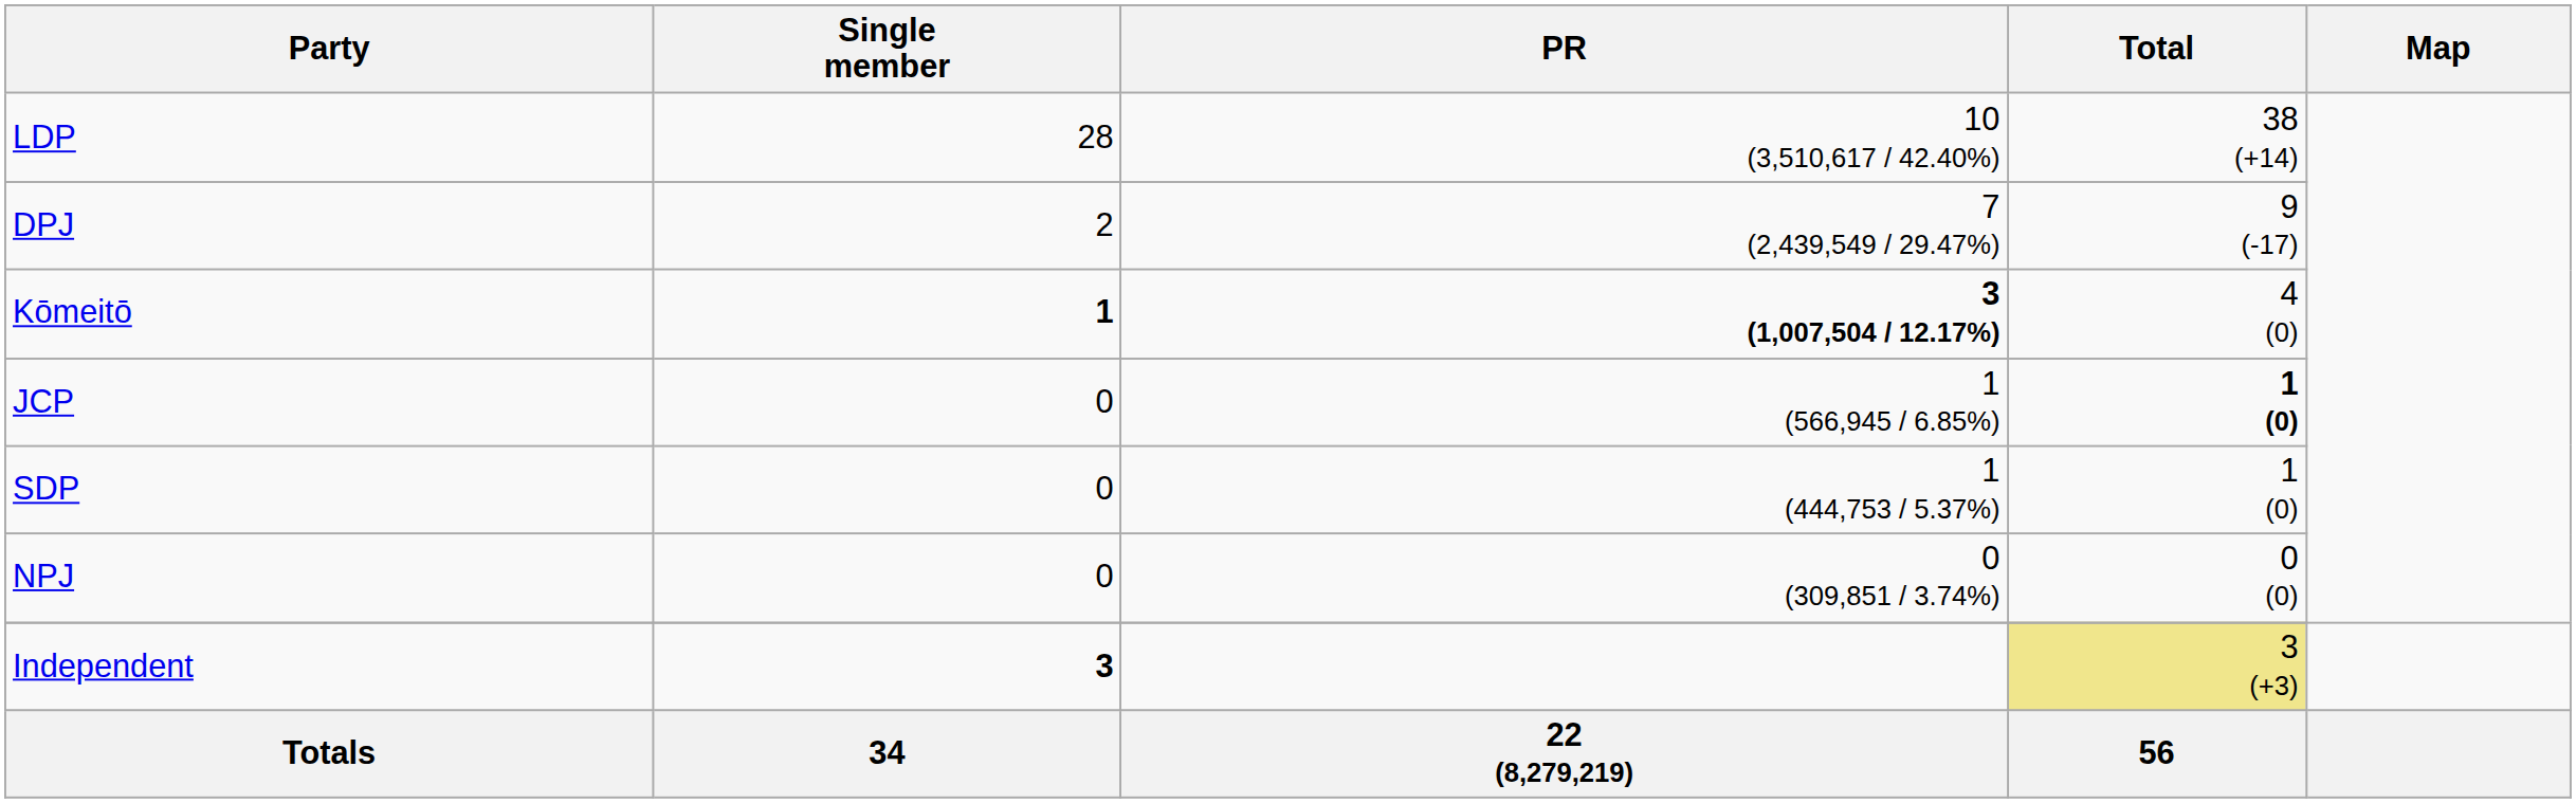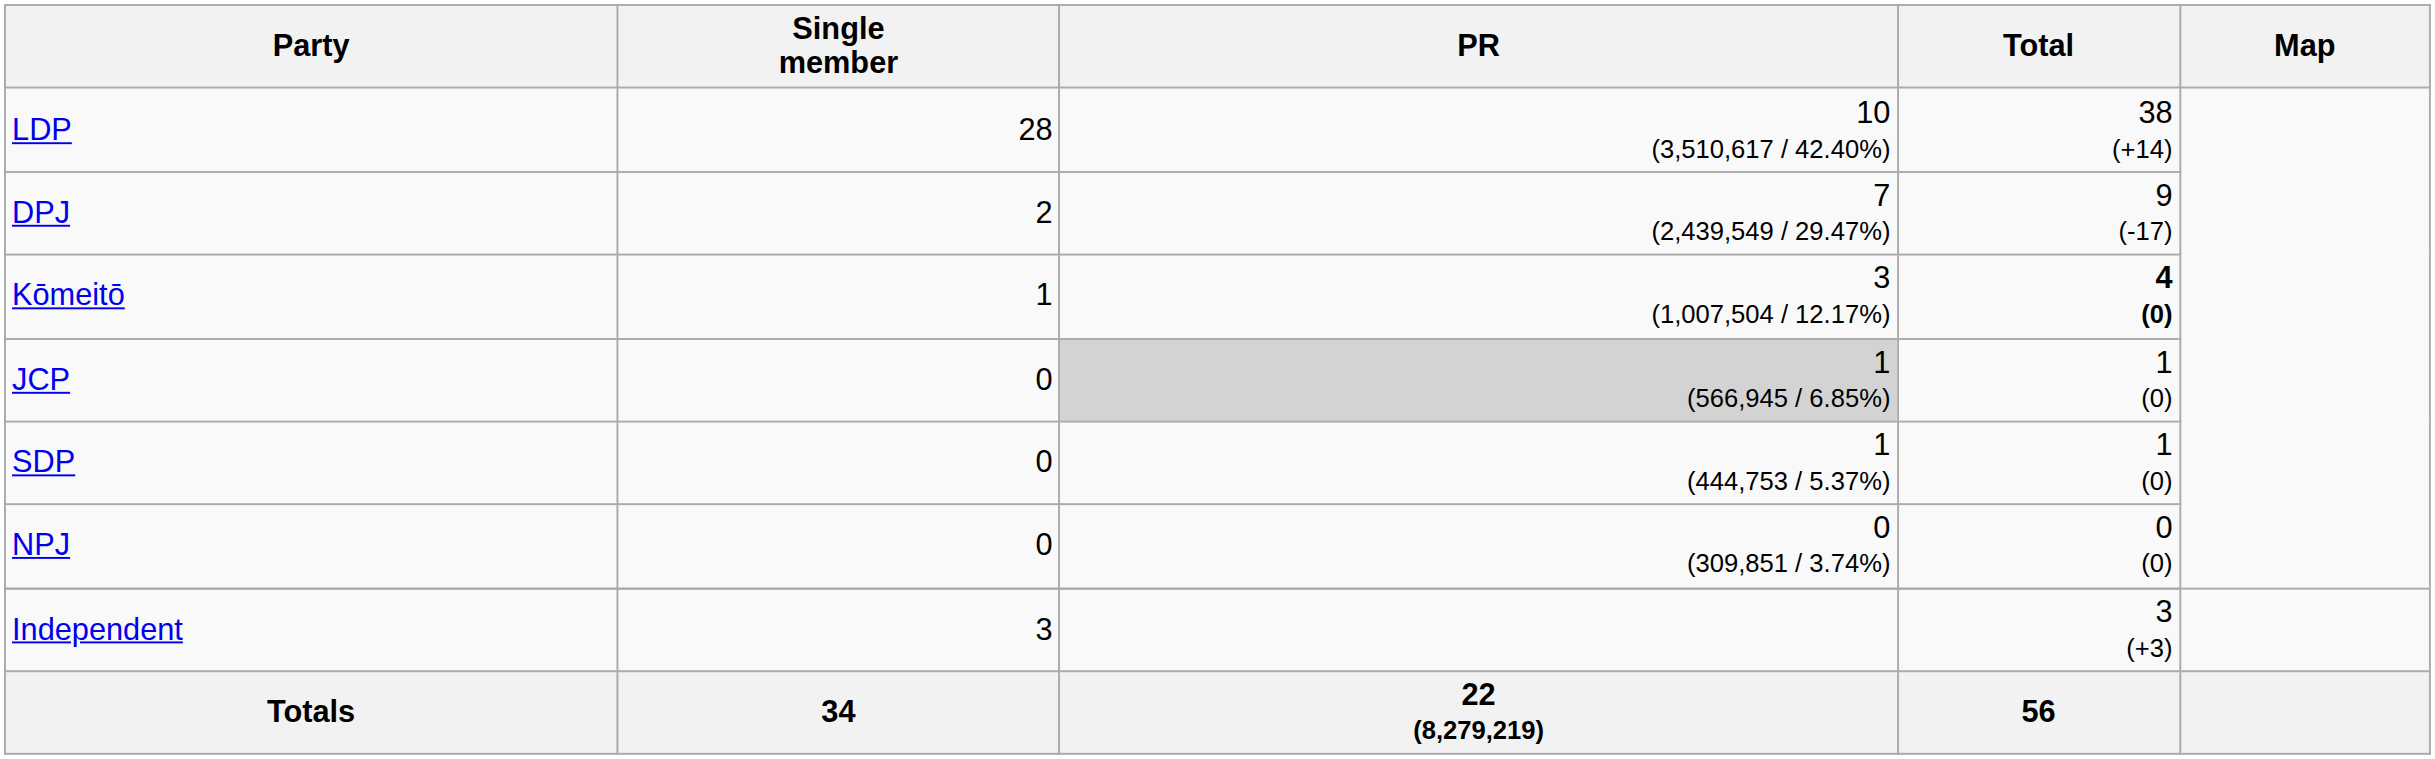 <table class="wikitable" width="100%">
 <tr>
 <th>Party</th>
 <th>Single<br>member</th>
 <th>PR</th>
 <th>Total</th>
 <th>Map</th>
 </tr>
 <tr>
 <td><a href='#'>LDP</a></td>
 <td align="right">28</td>
 <td align="right">10<br><small>(3,510,617 / 42.40%)</small></td>
 <td align="right">38<br><small>(+14)</small></td>
 <td rowspan=7 align="center"></td>
 </tr>
 <tr>
 <td><a href='#'>DPJ</a></td>
 <td align="right">2</td>
 <td align="right">7<br><small>(2,439,549 / 29.47%)</small></td>
 <td align="right">9<br><small>(-17)</small></td>
 </tr>
 <tr>
 <td><a href='#'>Kōmeitō</a></td>
-<td align="right"><strong>1</strong></td>
-<td align="right"><strong>3<br><small>(1,007,504 / 12.17%)</small></strong></td>
-<td align="right">4<br><small>(0)</small></td>
+<td align="right">1</td>
+<td align="right">3<br><small>(1,007,504 / 12.17%)</small></td>
+<td align="right"><strong>4<br><small>(0)</small></strong></td>
 </tr>
 <tr>
 <td><a href='#'>JCP</a></td>
 <td align="right">0</td>
-<td align="right">1<br><small>(566,945 / 6.85%)</small></td>
-<td align="right"><strong>1<br><small>(0)</small></strong></td>
+<td align="right" style="background: lightgrey;">1<br><small>(566,945 / 6.85%)</small></td>
+<td align="right">1<br><small>(0)</small></td>
 </tr>
 <tr>
 <td><a href='#'>SDP</a></td>
 <td align="right">0</td>
 <td align="right">1<br><small>(444,753 / 5.37%)</small></td>
 <td align="right">1<br><small>(0)</small></td>
 </tr>
 <tr>
 <td><a href='#'>NPJ</a></td>
 <td align="right">0</td>
 <td align="right">0<br><small>(309,851 / 3.74%)</small></td>
 <td align="right">0<br><small>(0)</small></td>
 </tr>
 <tr bgcolor=lightgrey>
 </tr>
 <tr>
 <td><a href='#'>Independent</a></td>
-<td align="right"><strong>3</strong></td>
+<td align="right">3</td>
 <td align="right"></td>
-<td align="right" style="background: khaki;">3<br><small>(+3)</small></td>
+<td align="right">3<br><small>(+3)</small></td>
 </tr>
 <tr bgcolor=lightgrey>
 <th><strong>Totals</strong></th>
 <th align="right">34</th>
 <th align="right">22<br><small>(8,279,219)</small></th>
 <th align="right">56</th>
 <th></th>
 </tr>
 </table>
